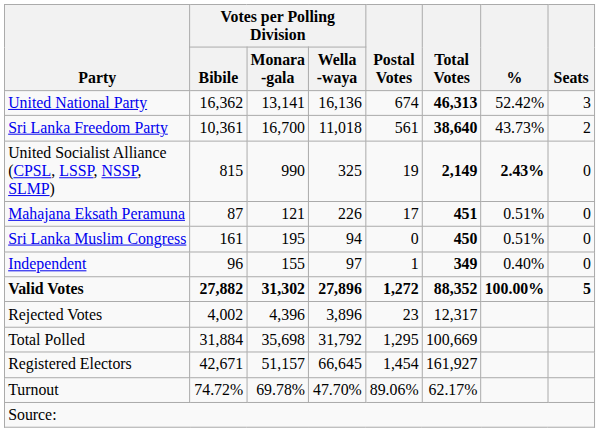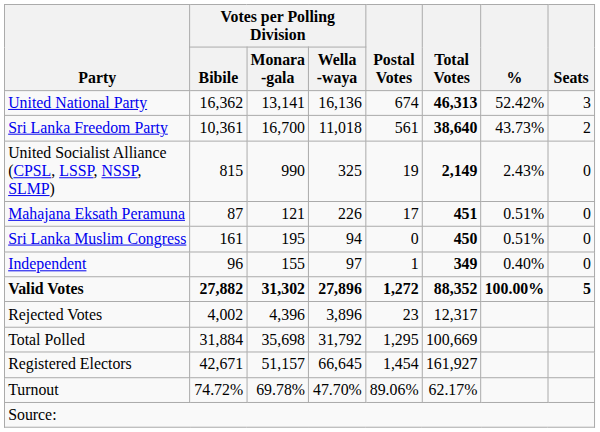 <table class="wikitable" border="1" style="text-align:right;">
 <tr>
 <th align=left valign=bottom rowspan=2 width="180">Party</th>
 <th colspan=3>Votes per Polling Division</th>
 <th align=center valign=bottom rowspan=2 width="50">Postal<br>Votes</th>
 <th align=center valign=bottom rowspan=2 width="50">Total Votes</th>
 <th align=center valign=bottom rowspan=2 width="50">%</th>
 <th align=center valign=bottom rowspan=2 width="40">Seats</th>
 </tr>
 <tr>
 <th align=center valign=bottom width="50">Bibile</th>
 <th align=center valign=bottom width="50">Monara<br>-gala</th>
 <th align=center valign=bottom width="50">Wella<br>-waya</th>
 </tr>
 <tr>
 <td align=left><a href='#'>United National Party</a></td>
 <td>16,362</td>
 <td>13,141</td>
 <td>16,136</td>
 <td>674</td>
 <td><strong>46,313</strong></td>
 <td>52.42%</td>
 <td>3</td>
 </tr>
 <tr>
 <td align=left><a href='#'>Sri Lanka Freedom Party</a></td>
 <td>10,361</td>
 <td>16,700</td>
 <td>11,018</td>
 <td>561</td>
 <td><strong>38,640</strong></td>
 <td>43.73%</td>
 <td>2</td>
 </tr>
 <tr>
 <td align=left>United Socialist Alliance<br>(<a href='#'>CPSL</a>, <a href='#'>LSSP</a>, <a href='#'>NSSP</a>, <a href='#'>SLMP</a>)</td>
 <td>815</td>
 <td>990</td>
 <td>325</td>
 <td>19</td>
 <td><strong>2,149</strong></td>
-<td><strong>2.43%</strong></td>
+<td>2.43%</td>
 <td>0</td>
 </tr>
 <tr>
 <td align=left><a href='#'>Mahajana Eksath Peramuna</a></td>
 <td>87</td>
 <td>121</td>
 <td>226</td>
 <td>17</td>
 <td><strong>451</strong></td>
 <td>0.51%</td>
 <td>0</td>
 </tr>
 <tr>
 <td align=left><a href='#'>Sri Lanka Muslim Congress</a></td>
 <td>161</td>
 <td>195</td>
 <td>94</td>
 <td>0</td>
 <td><strong>450</strong></td>
 <td>0.51%</td>
 <td>0</td>
 </tr>
 <tr>
 <td align=left><a href='#'>Independent</a></td>
 <td>96</td>
 <td>155</td>
 <td>97</td>
 <td>1</td>
 <td><strong>349</strong></td>
 <td>0.40%</td>
 <td>0</td>
 </tr>
 <tr>
 <td align=left><strong>Valid Votes</strong></td>
 <td><strong>27,882</strong></td>
 <td><strong>31,302</strong></td>
 <td><strong>27,896</strong></td>
 <td><strong>1,272</strong></td>
 <td><strong>88,352</strong></td>
 <td><strong>100.00%</strong></td>
 <td><strong>5</strong></td>
 </tr>
 <tr>
 <td align=left>Rejected Votes</td>
 <td>4,002</td>
 <td>4,396</td>
 <td>3,896</td>
 <td>23</td>
 <td>12,317</td>
 <td></td>
 <td></td>
 </tr>
 <tr>
 <td align=left>Total Polled</td>
 <td>31,884</td>
 <td>35,698</td>
 <td>31,792</td>
 <td>1,295</td>
 <td>100,669</td>
 <td></td>
 <td></td>
 </tr>
 <tr>
 <td align=left>Registered Electors</td>
 <td>42,671</td>
 <td>51,157</td>
 <td>66,645</td>
 <td>1,454</td>
 <td>161,927</td>
 <td></td>
 <td></td>
 </tr>
 <tr>
 <td align=left>Turnout</td>
 <td>74.72%</td>
 <td>69.78%</td>
 <td>47.70%</td>
 <td>89.06%</td>
 <td>62.17%</td>
 <td></td>
 <td></td>
 </tr>
 <tr>
 <td align=left colspan=9>Source:</td>
 </tr>
 </table>
